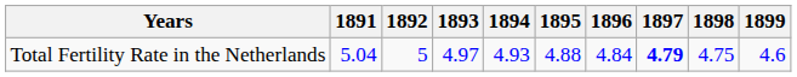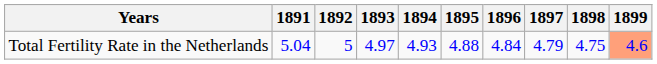 <table class="wikitable " style="text-align:right">
 <tr>
 <th>Years</th>
 <th>1891</th>
 <th>1892</th>
 <th>1893</th>
 <th>1894</th>
 <th>1895</th>
 <th>1896</th>
 <th>1897</th>
 <th>1898</th>
 <th>1899</th>
 </tr>
 <tr>
 <td align="left">Total Fertility Rate in the Netherlands</td>
 <td style="text-align:right; color:blue;">5.04</td>
 <td style="text-align:right; color:blue;">5</td>
 <td style="text-align:right; color:blue;">4.97</td>
 <td style="text-align:right; color:blue;">4.93</td>
 <td style="text-align:right; color:blue;">4.88</td>
 <td style="text-align:right; color:blue;">4.84</td>
-<td style="text-align:right; color:blue;"><strong>4.79</strong></td>
+<td style="text-align:right; color:blue;">4.79</td>
 <td style="text-align:right; color:blue;">4.75</td>
-<td style="text-align:right; color:blue;">4.6</td>
+<td style="background: lightsalmon; text-align:right; color:blue;">4.6</td>
 </tr>
 </table>
